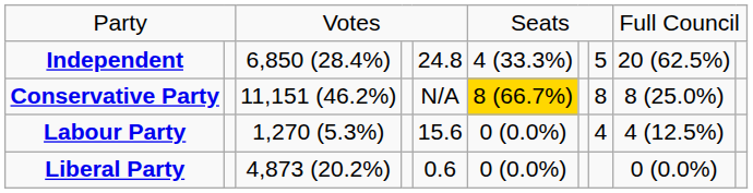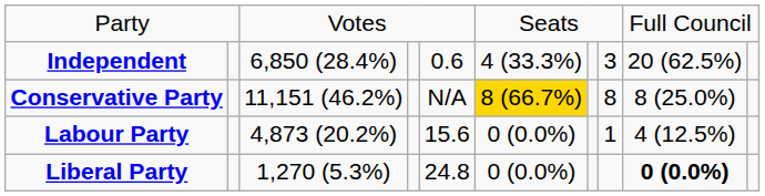 <table class=wikitable style="text-align:center;">
 <tr>
 <td colspan=2>Party</td>
 <td colspan=3>Votes</td>
 <td colspan=3>Seats</td>
 <td colspan=3>Full Council</td>
 </tr>
 <tr>
 <td><strong><a href='#'>Independent</a></strong></td>
 <td style="background:"></td>
 <td>6,850 (28.4%)</td>
 <td></td>
-<td> 24.8</td>
+<td>0.6</td>
 <td>4 (33.3%)</td>
 <td></td>
-<td> 5</td>
+<td> 3</td>
 <td>20 (62.5%)</td>
 <td></td>
 </tr>
 <tr>
 <td><strong><a href='#'>Conservative Party</a></strong></td>
 <td style="background:"></td>
 <td>11,151 (46.2%)</td>
 <td></td>
 <td>N/A</td>
 <td style="background: gold;">8 (66.7%)</td>
 <td></td>
 <td> 8</td>
 <td>8 (25.0%)</td>
 <td></td>
 </tr>
 <tr>
 <td><strong><a href='#'>Labour Party</a></strong></td>
 <td style="background:"></td>
-<td>1,270 (5.3%)</td>
+<td>4,873 (20.2%)</td>
 <td></td>
 <td> 15.6</td>
 <td>0 (0.0%)</td>
 <td></td>
-<td> 4</td>
+<td> 1</td>
 <td>4 (12.5%)</td>
 <td></td>
 </tr>
 <tr>
 <td><strong><a href='#'>Liberal Party</a></strong></td>
 <td style="background:"></td>
-<td>4,873 (20.2%)</td>
+<td>1,270 (5.3%)</td>
 <td></td>
-<td>0.6</td>
+<td> 24.8</td>
 <td>0  (0.0%)</td>
 <td></td>
 <td></td>
-<td>0 (0.0%)</td>
+<td><strong>0 (0.0%)</strong></td>
 <td></td>
 </tr>
 </table>
